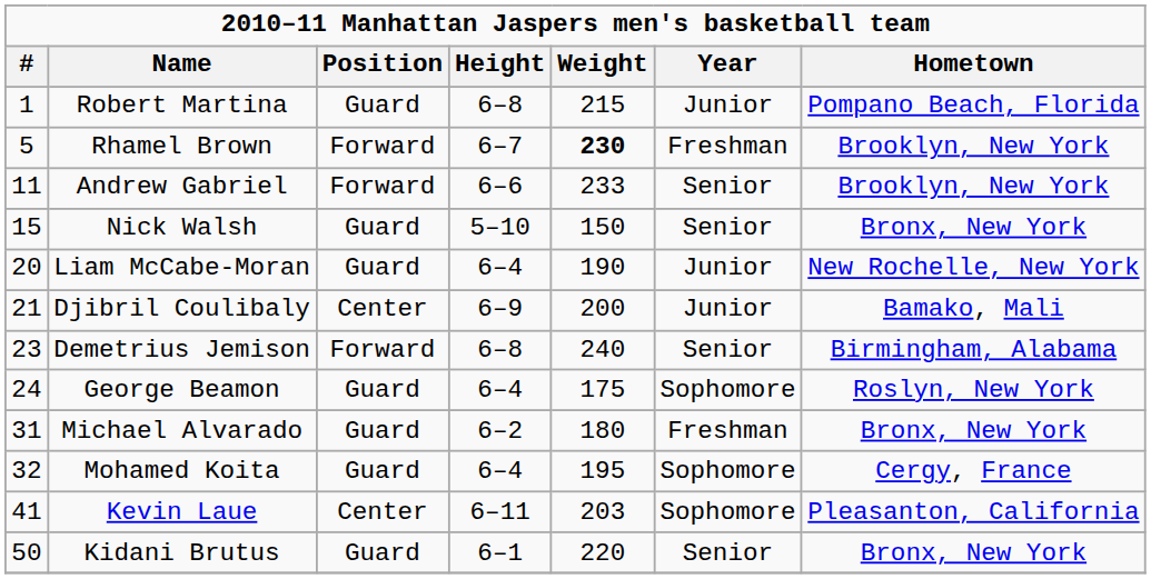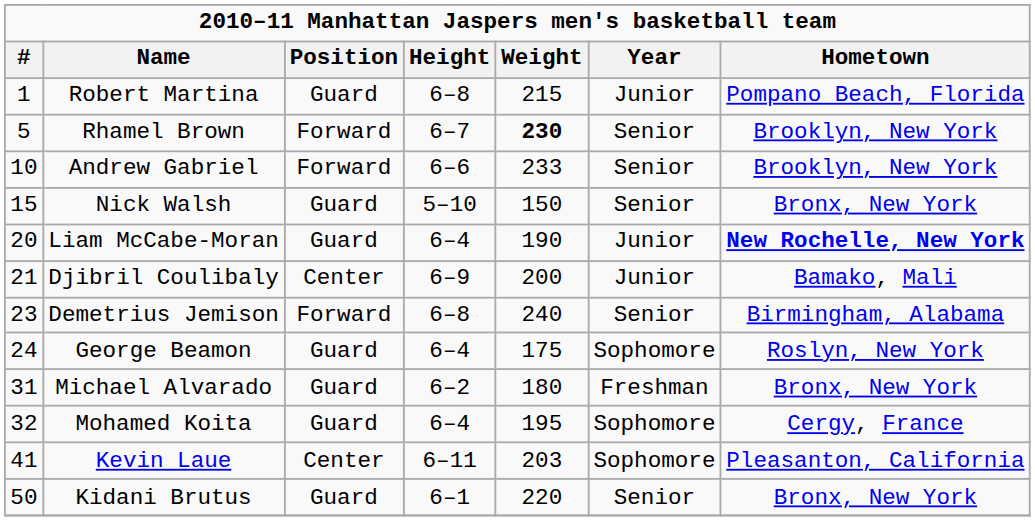 <table class="wikitable sortable" style="font-size: 95%; text-align:center;">
 <tr>
 <td colspan="7"><strong>2010–11 Manhattan Jaspers men's basketball team</strong></td>
 </tr>
 <tr>
 <th>#</th>
 <th>Name</th>
 <th>Position</th>
 <th>Height</th>
 <th>Weight</th>
 <th>Year</th>
 <th>Hometown</th>
 </tr>
 <tr>
 <td>1</td>
 <td>Robert Martina</td>
 <td>Guard</td>
 <td>6–8</td>
 <td>215</td>
 <td>Junior</td>
 <td><a href='#'>Pompano Beach, Florida</a></td>
 </tr>
 <tr>
 <td>5</td>
 <td>Rhamel Brown</td>
 <td>Forward</td>
 <td>6–7</td>
 <td><strong>230</strong></td>
-<td>Freshman</td>
+<td>Senior</td>
 <td><a href='#'>Brooklyn, New York</a></td>
 </tr>
 <tr>
-<td>11</td>
+<td>10</td>
 <td>Andrew Gabriel</td>
 <td>Forward</td>
 <td>6–6</td>
 <td>233</td>
 <td>Senior</td>
 <td><a href='#'>Brooklyn, New York</a></td>
 </tr>
 <tr>
 <td>15</td>
 <td>Nick Walsh</td>
 <td>Guard</td>
 <td>5–10</td>
 <td>150</td>
 <td>Senior</td>
 <td><a href='#'>Bronx, New York</a></td>
 </tr>
 <tr>
 <td>20</td>
 <td>Liam McCabe-Moran</td>
 <td>Guard</td>
 <td>6–4</td>
 <td>190</td>
 <td>Junior</td>
-<td><a href='#'>New Rochelle, New York</a></td>
+<td><strong><a href='#'>New Rochelle, New York</a></strong></td>
 </tr>
 <tr>
 <td>21</td>
 <td>Djibril Coulibaly</td>
 <td>Center</td>
 <td>6–9</td>
 <td>200</td>
 <td>Junior</td>
 <td><a href='#'>Bamako</a>, <a href='#'>Mali</a></td>
 </tr>
 <tr>
 <td>23</td>
 <td>Demetrius Jemison</td>
 <td>Forward</td>
 <td>6–8</td>
 <td>240</td>
 <td>Senior</td>
 <td><a href='#'>Birmingham, Alabama</a></td>
 </tr>
 <tr>
 <td>24</td>
 <td>George Beamon</td>
 <td>Guard</td>
 <td>6–4</td>
 <td>175</td>
 <td>Sophomore</td>
 <td><a href='#'>Roslyn, New York</a></td>
 </tr>
 <tr>
 <td>31</td>
 <td>Michael Alvarado</td>
 <td>Guard</td>
 <td>6–2</td>
 <td>180</td>
 <td>Freshman</td>
 <td><a href='#'>Bronx, New York</a></td>
 </tr>
 <tr>
 <td>32</td>
 <td>Mohamed Koita</td>
 <td>Guard</td>
 <td>6–4</td>
 <td>195</td>
 <td>Sophomore</td>
 <td><a href='#'>Cergy</a>, <a href='#'>France</a></td>
 </tr>
 <tr>
 <td>41</td>
 <td><a href='#'>Kevin Laue</a></td>
 <td>Center</td>
 <td>6–11</td>
 <td>203</td>
 <td>Sophomore</td>
 <td><a href='#'>Pleasanton, California</a></td>
 </tr>
 <tr>
 <td>50</td>
 <td>Kidani Brutus</td>
 <td>Guard</td>
 <td>6–1</td>
 <td>220</td>
 <td>Senior</td>
 <td><a href='#'>Bronx, New York</a></td>
 </tr>
 <tr>
 </tr>
 </table>
